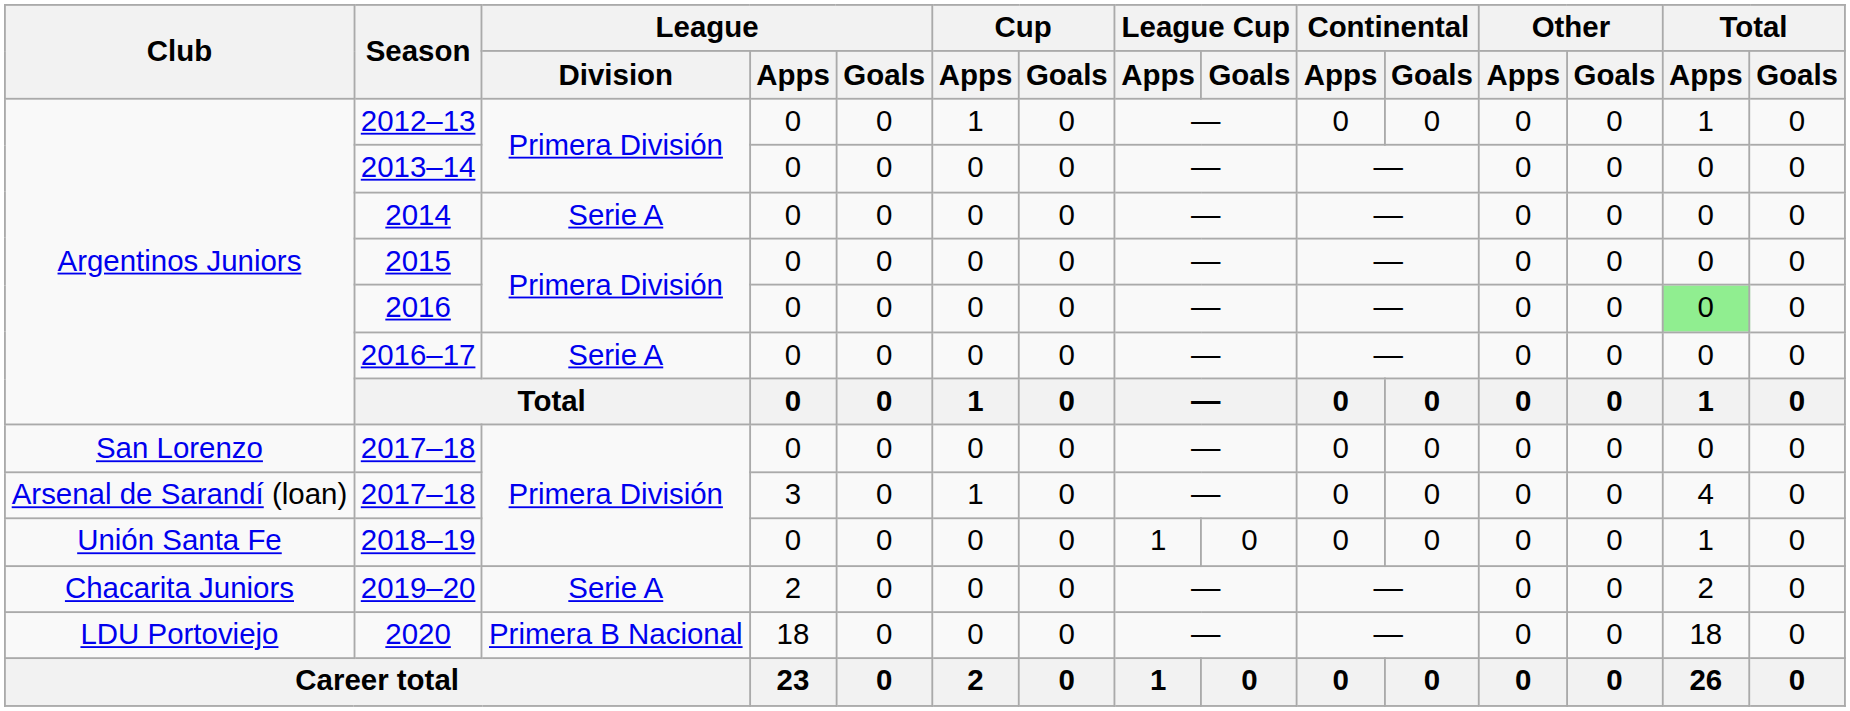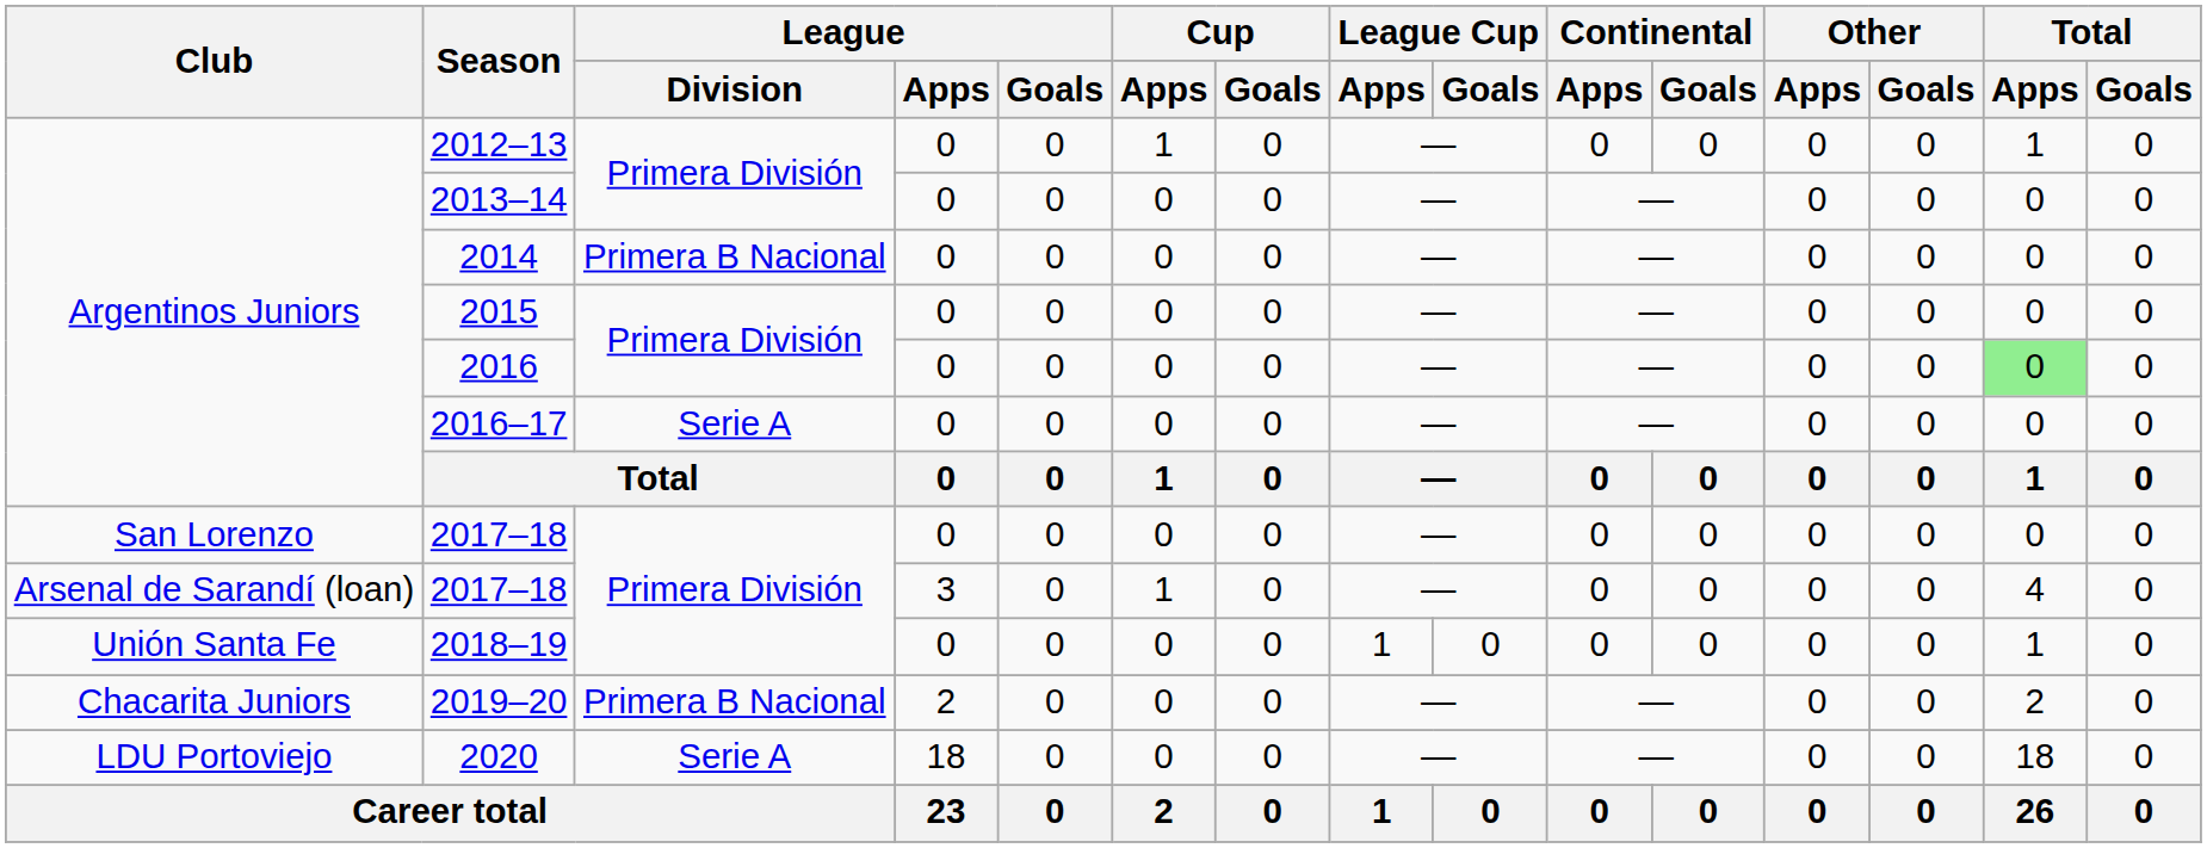 <table class="wikitable" style="text-align:center">
 <tr>
 <th rowspan="2">Club</th>
 <th rowspan="2">Season</th>
 <th colspan="3">League</th>
 <th colspan="2">Cup</th>
 <th colspan="2">League Cup</th>
 <th colspan="2">Continental</th>
 <th colspan="2">Other</th>
 <th colspan="2">Total</th>
 </tr>
 <tr>
 <th>Division</th>
 <th>Apps</th>
 <th>Goals</th>
 <th>Apps</th>
 <th>Goals</th>
 <th>Apps</th>
 <th>Goals</th>
 <th>Apps</th>
 <th>Goals</th>
 <th>Apps</th>
 <th>Goals</th>
 <th>Apps</th>
 <th>Goals</th>
 </tr>
 <tr>
 <td rowspan="7"><a href='#'>Argentinos Juniors</a></td>
 <td><a href='#'>2012–13</a></td>
 <td rowspan="2"><a href='#'>Primera División</a></td>
 <td>0</td>
 <td>0</td>
 <td>1</td>
 <td>0</td>
 <td colspan="2">—</td>
 <td>0</td>
 <td>0</td>
 <td>0</td>
 <td>0</td>
 <td>1</td>
 <td>0</td>
 </tr>
 <tr>
 <td><a href='#'>2013–14</a></td>
 <td>0</td>
 <td>0</td>
 <td>0</td>
 <td>0</td>
 <td colspan="2">—</td>
 <td colspan="2">—</td>
 <td>0</td>
 <td>0</td>
 <td>0</td>
 <td>0</td>
 </tr>
 <tr>
 <td><a href='#'>2014</a></td>
-<td rowspan="1"><a href='#'>Serie A</a></td>
+<td rowspan="1"><a href='#'>Primera B Nacional</a></td>
 <td>0</td>
 <td>0</td>
 <td>0</td>
 <td>0</td>
 <td colspan="2">—</td>
 <td colspan="2">—</td>
 <td>0</td>
 <td>0</td>
 <td>0</td>
 <td>0</td>
 </tr>
 <tr>
 <td><a href='#'>2015</a></td>
 <td rowspan="2"><a href='#'>Primera División</a></td>
 <td>0</td>
 <td>0</td>
 <td>0</td>
 <td>0</td>
 <td colspan="2">—</td>
 <td colspan="2">—</td>
 <td>0</td>
 <td>0</td>
 <td>0</td>
 <td>0</td>
 </tr>
 <tr>
 <td><a href='#'>2016</a></td>
 <td>0</td>
 <td>0</td>
 <td>0</td>
 <td>0</td>
 <td colspan="2">—</td>
 <td colspan="2">—</td>
 <td>0</td>
 <td>0</td>
 <td style="background: lightgreen;">0</td>
 <td>0</td>
 </tr>
 <tr>
 <td><a href='#'>2016–17</a></td>
 <td rowspan="1"><a href='#'>Serie A</a></td>
 <td>0</td>
 <td>0</td>
 <td>0</td>
 <td>0</td>
 <td colspan="2">—</td>
 <td colspan="2">—</td>
 <td>0</td>
 <td>0</td>
 <td>0</td>
 <td>0</td>
 </tr>
 <tr>
 <th colspan="2">Total</th>
 <th>0</th>
 <th>0</th>
 <th>1</th>
 <th>0</th>
 <th colspan="2">—</th>
 <th>0</th>
 <th>0</th>
 <th>0</th>
 <th>0</th>
 <th>1</th>
 <th>0</th>
 </tr>
 <tr>
 <td rowspan="1"><a href='#'>San Lorenzo</a></td>
 <td><a href='#'>2017–18</a></td>
 <td rowspan="3"><a href='#'>Primera División</a></td>
 <td>0</td>
 <td>0</td>
 <td>0</td>
 <td>0</td>
 <td colspan="2">—</td>
 <td>0</td>
 <td>0</td>
 <td>0</td>
 <td>0</td>
 <td>0</td>
 <td>0</td>
 </tr>
 <tr>
 <td rowspan="1"><a href='#'>Arsenal de Sarandí</a> (loan)</td>
 <td><a href='#'>2017–18</a></td>
 <td>3</td>
 <td>0</td>
 <td>1</td>
 <td>0</td>
 <td colspan="2">—</td>
 <td>0</td>
 <td>0</td>
 <td>0</td>
 <td>0</td>
 <td>4</td>
 <td>0</td>
 </tr>
 <tr>
 <td rowspan="1"><a href='#'>Unión Santa Fe</a></td>
 <td><a href='#'>2018–19</a></td>
 <td>0</td>
 <td>0</td>
 <td>0</td>
 <td>0</td>
 <td>1</td>
 <td>0</td>
 <td>0</td>
 <td>0</td>
 <td>0</td>
 <td>0</td>
 <td>1</td>
 <td>0</td>
 </tr>
 <tr>
 <td rowspan="1"><a href='#'>Chacarita Juniors</a></td>
 <td><a href='#'>2019–20</a></td>
-<td rowspan="1"><a href='#'>Serie A</a></td>
+<td rowspan="1"><a href='#'>Primera B Nacional</a></td>
 <td>2</td>
 <td>0</td>
 <td>0</td>
 <td>0</td>
 <td colspan="2">—</td>
 <td colspan="2">—</td>
 <td>0</td>
 <td>0</td>
 <td>2</td>
 <td>0</td>
 </tr>
 <tr>
 <td rowspan="1"><a href='#'>LDU Portoviejo</a></td>
 <td><a href='#'>2020</a></td>
-<td rowspan="1"><a href='#'>Primera B Nacional</a></td>
+<td rowspan="1"><a href='#'>Serie A</a></td>
 <td>18</td>
 <td>0</td>
 <td>0</td>
 <td>0</td>
 <td colspan="2">—</td>
 <td colspan="2">—</td>
 <td>0</td>
 <td>0</td>
 <td>18</td>
 <td>0</td>
 </tr>
 <tr>
 <th colspan="3">Career total</th>
 <th>23</th>
 <th>0</th>
 <th>2</th>
 <th>0</th>
 <th>1</th>
 <th>0</th>
 <th>0</th>
 <th>0</th>
 <th>0</th>
 <th>0</th>
 <th>26</th>
 <th>0</th>
 </tr>
 </table>
